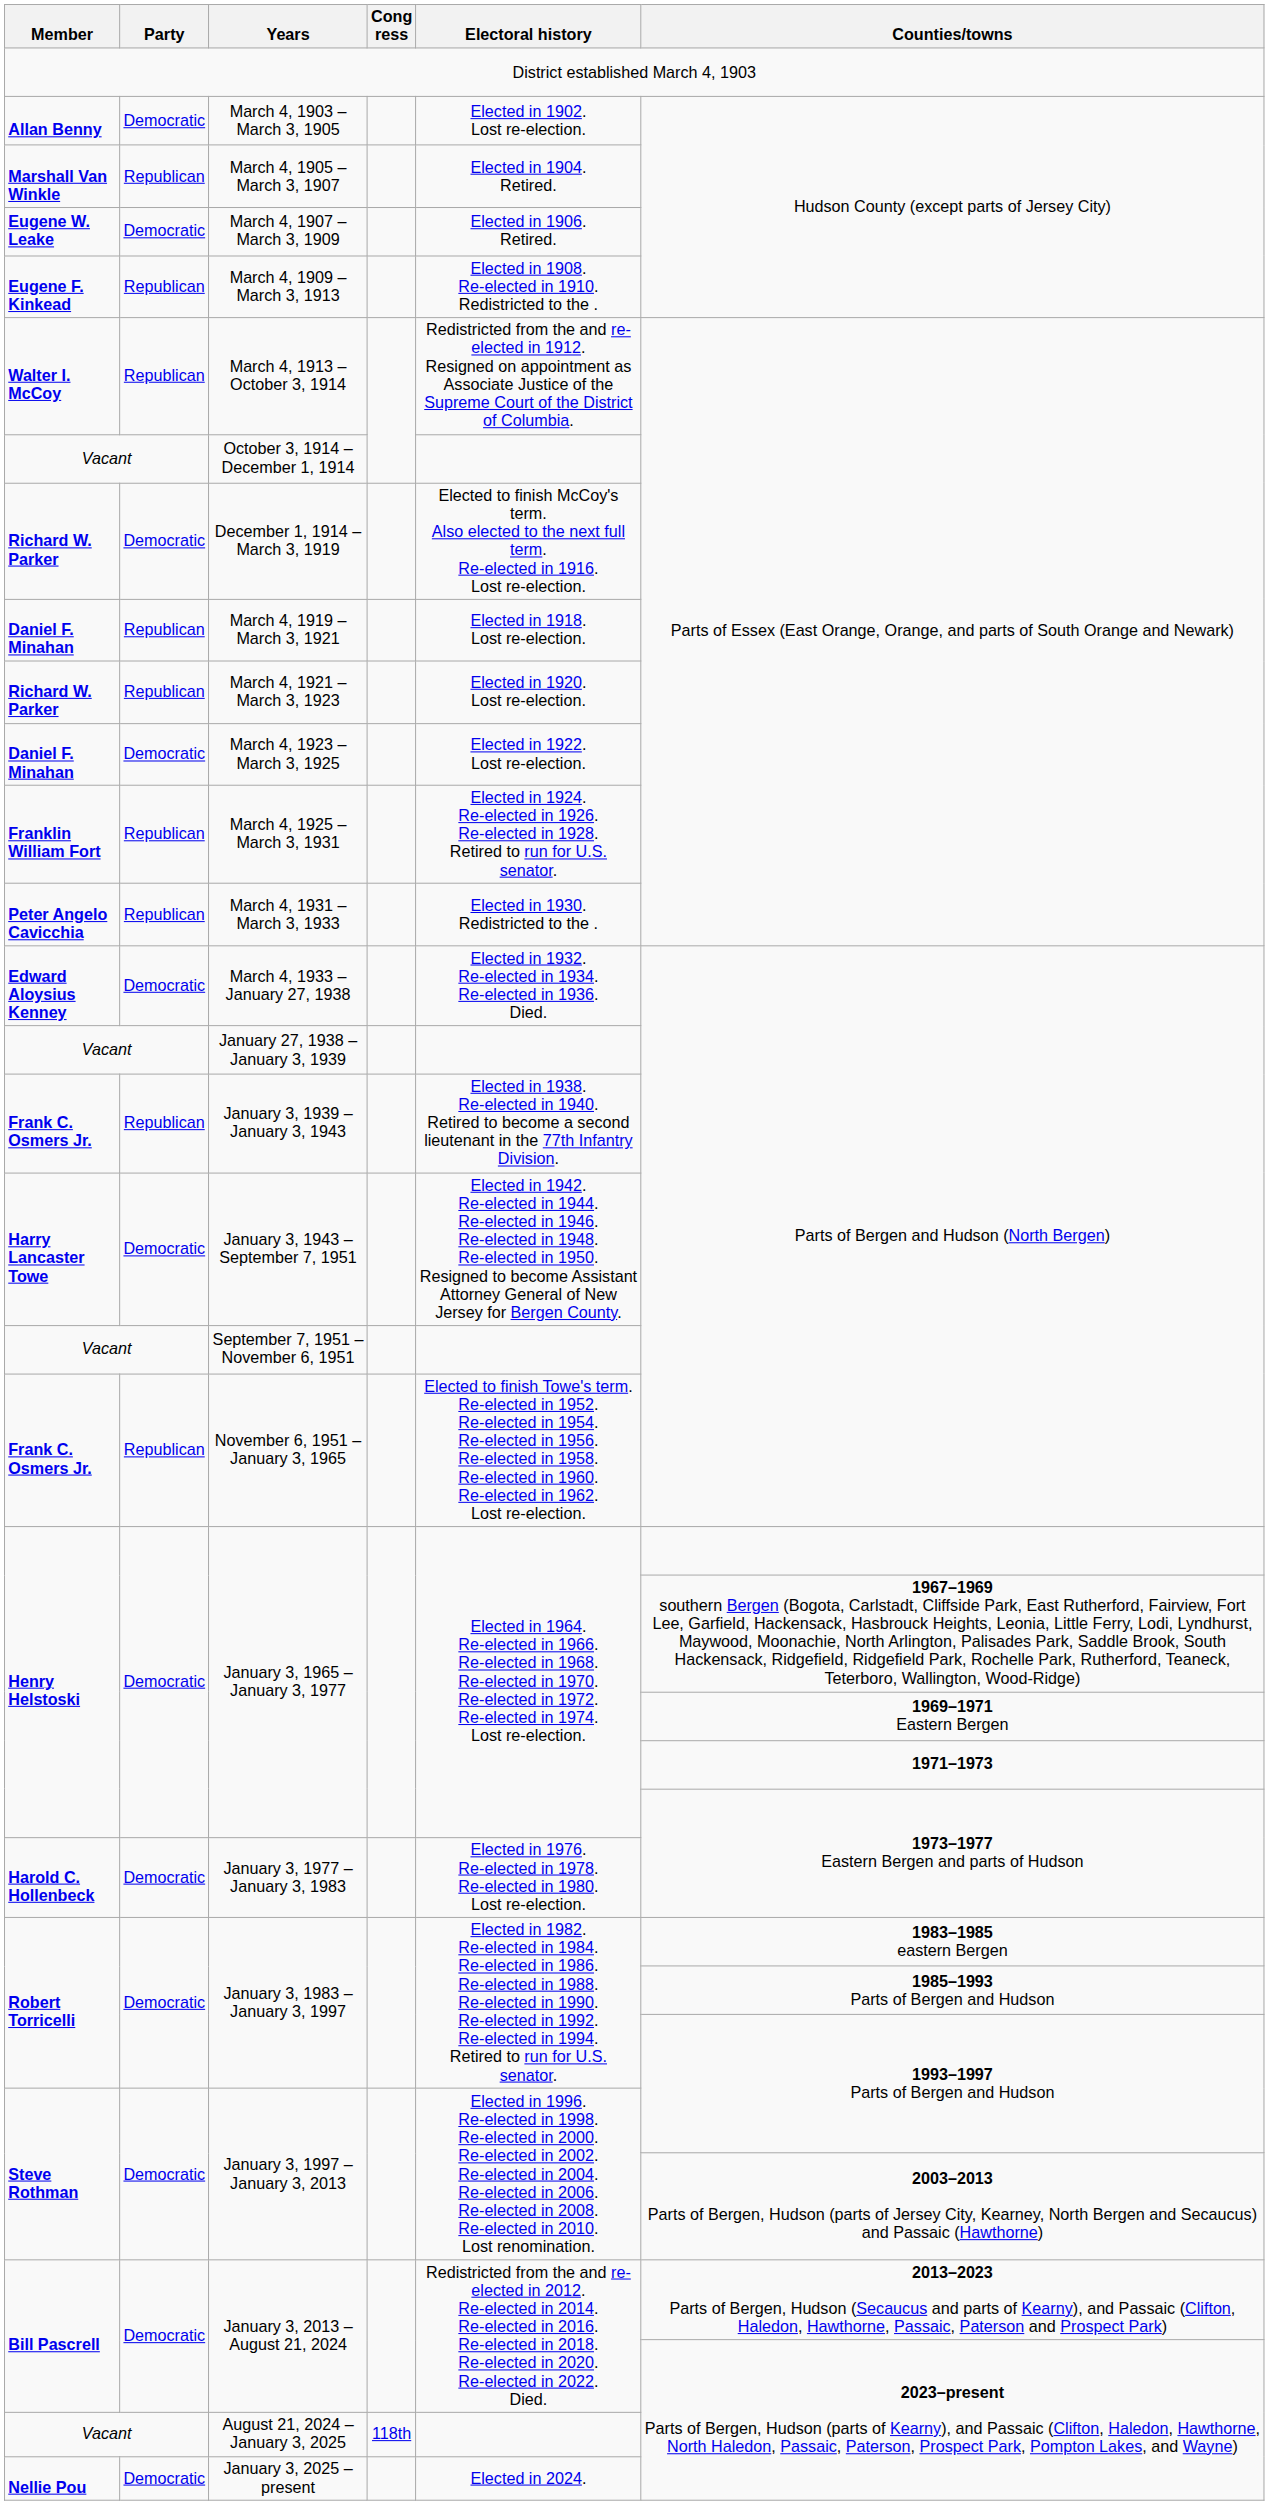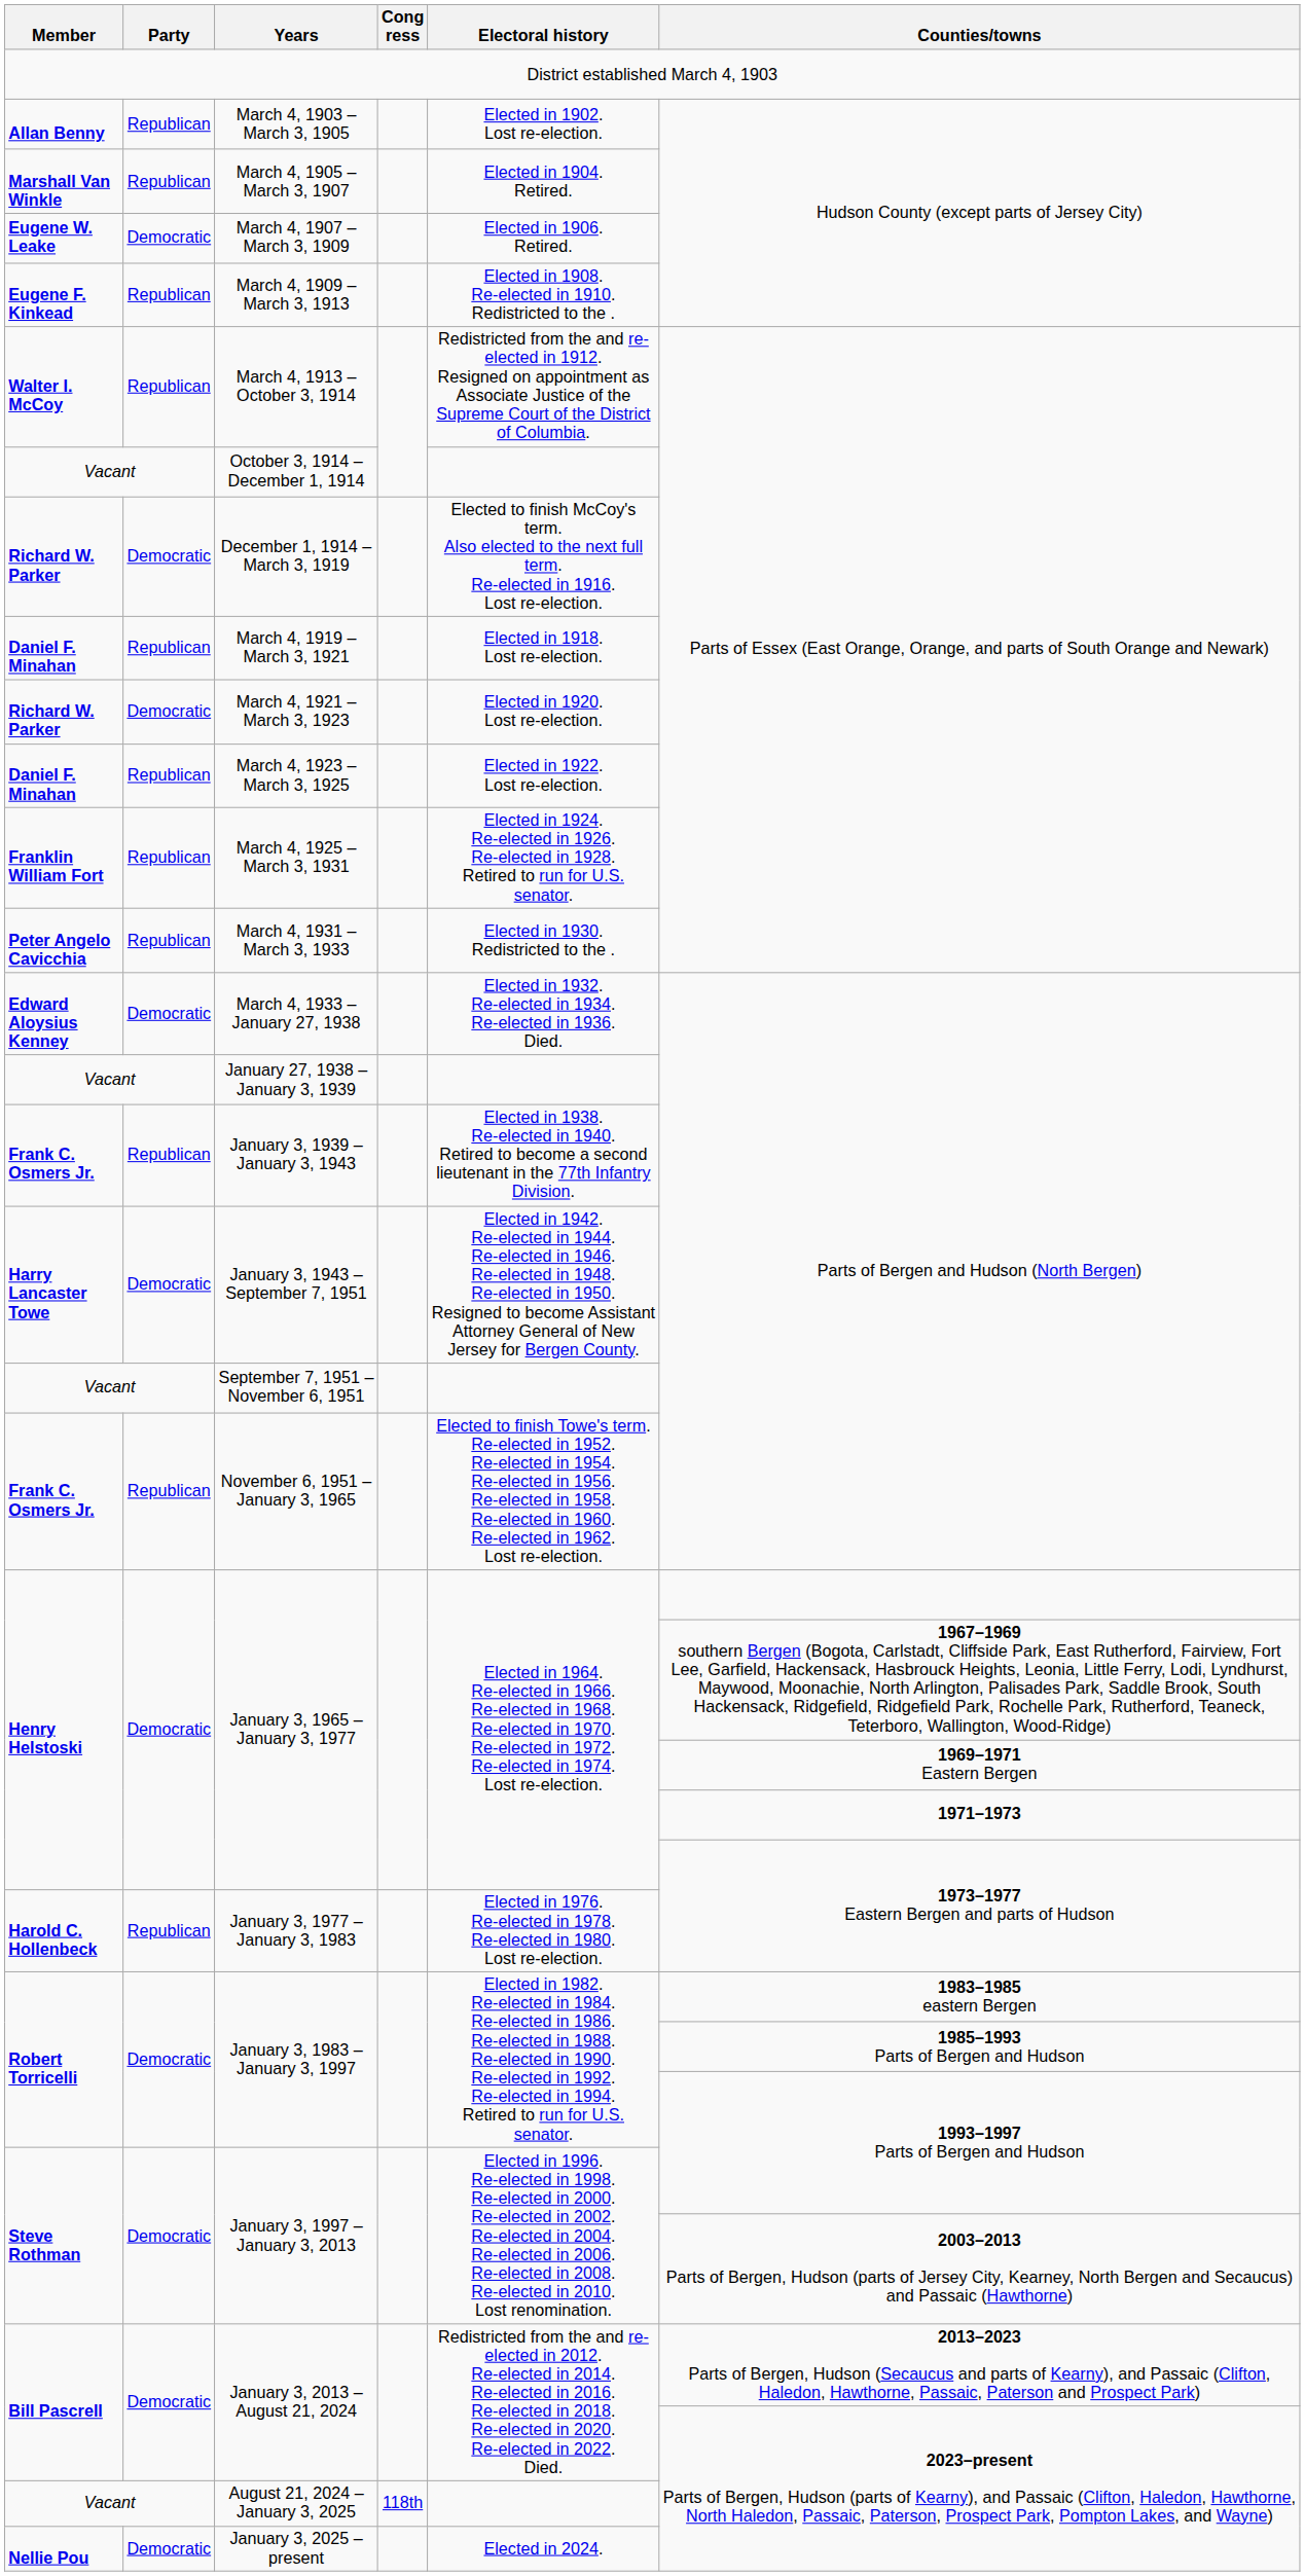 <table class=wikitable style="text-align:center">
 <tr style="vertical-align:bottom">
 <th>Member<br></th>
 <th>Party</th>
 <th>Years</th>
 <th>Cong<br>ress</th>
 <th>Electoral history</th>
 <th>Counties/towns</th>
 </tr>
 <tr style="height:3em">
 <td colspan=6>District established March 4, 1903</td>
 </tr>
 <tr style="height:3em">
 <td style="text-align:left"><br><strong><a href='#'>Allan Benny</a></strong><br></td>
-<td><a href='#'>Democratic</a></td>
+<td><a href='#'>Republican</a></td>
 <td nowrap>March 4, 1903 –<br>March 3, 1905</td>
 <td></td>
 <td><a href='#'>Elected in 1902</a>.<br>Lost re-election.</td>
 <td rowspan=4>Hudson County (except parts of Jersey City)</td>
 </tr>
 <tr style="height:3em">
 <td style="text-align:left"><br><strong><a href='#'>Marshall Van Winkle</a></strong><br></td>
 <td><a href='#'>Republican</a></td>
 <td nowrap>March 4, 1905 –<br>March 3, 1907</td>
 <td></td>
 <td><a href='#'>Elected in 1904</a>.<br>Retired.</td>
 </tr>
 <tr style="height:3em">
 <td style="text-align:left"><strong><a href='#'>Eugene W. Leake</a></strong><br></td>
 <td><a href='#'>Democratic</a></td>
 <td nowrap>March 4, 1907 –<br>March 3, 1909</td>
 <td></td>
 <td><a href='#'>Elected in 1906</a>.<br>Retired.</td>
 </tr>
 <tr style="height:3em">
 <td style="text-align:left"><br><strong><a href='#'>Eugene F. Kinkead</a></strong><br></td>
 <td><a href='#'>Republican</a></td>
 <td nowrap>March 4, 1909 –<br>March 3, 1913</td>
 <td></td>
 <td><a href='#'>Elected in 1908</a>.<br><a href='#'>Re-elected in 1910</a>.<br>Redistricted to the .</td>
 </tr>
 <tr style="height:3em">
 <td style="text-align:left"><br><strong><a href='#'>Walter I. McCoy</a></strong><br></td>
 <td><a href='#'>Republican</a></td>
 <td nowrap>March 4, 1913 –<br>October 3, 1914</td>
 <td rowspan=2></td>
 <td>Redistricted from the  and <a href='#'>re-elected in 1912</a>.<br>Resigned on appointment as Associate Justice of the <a href='#'>Supreme Court of the District of Columbia</a>.</td>
 <td rowspan=8>Parts of Essex (East Orange, Orange, and parts of South Orange and Newark)</td>
 </tr>
 <tr style="height:3em">
 <td colspan=2><em>Vacant</em></td>
 <td nowrap>October 3, 1914 –<br>December 1, 1914</td>
 </tr>
 <tr style="height:3em">
 <td style="text-align:left"><br><strong><a href='#'>Richard W. Parker</a></strong><br></td>
 <td><a href='#'>Democratic</a></td>
 <td nowrap>December 1, 1914 –<br>March 3, 1919</td>
 <td></td>
 <td>Elected to finish McCoy's term.<br><a href='#'>Also elected to the next full term</a>.<br><a href='#'>Re-elected in 1916</a>.<br>Lost re-election.</td>
 </tr>
 <tr style="height:3em">
 <td style="text-align:left"><br><strong><a href='#'>Daniel F. Minahan</a></strong><br></td>
 <td><a href='#'>Republican</a></td>
 <td nowrap>March 4, 1919 –<br>March 3, 1921</td>
 <td></td>
 <td><a href='#'>Elected in 1918</a>.<br>Lost re-election.</td>
 </tr>
 <tr style="height:3em">
 <td style="text-align:left"><br><strong><a href='#'>Richard W. Parker</a></strong><br></td>
-<td><a href='#'>Republican</a></td>
+<td><a href='#'>Democratic</a></td>
 <td nowrap>March 4, 1921 –<br>March 3, 1923</td>
 <td></td>
 <td><a href='#'>Elected in 1920</a>.<br>Lost re-election.</td>
 </tr>
 <tr style="height:3em">
 <td style="text-align:left"><br><strong><a href='#'>Daniel F. Minahan</a></strong><br></td>
-<td><a href='#'>Democratic</a></td>
+<td><a href='#'>Republican</a></td>
 <td nowrap>March 4, 1923 –<br>March 3, 1925</td>
 <td></td>
 <td><a href='#'>Elected in 1922</a>.<br>Lost re-election.</td>
 </tr>
 <tr style="height:3em">
 <td style="text-align:left"><br><strong><a href='#'>Franklin William Fort</a></strong><br></td>
 <td><a href='#'>Republican</a></td>
 <td nowrap>March 4, 1925 –<br>March 3, 1931</td>
 <td></td>
 <td><a href='#'>Elected in 1924</a>.<br><a href='#'>Re-elected in 1926</a>.<br><a href='#'>Re-elected in 1928</a>.<br>Retired to <a href='#'>run for U.S. senator</a>.</td>
 </tr>
 <tr style="height:3em">
 <td style="text-align:left"><br><strong><a href='#'>Peter Angelo Cavicchia</a></strong><br></td>
 <td><a href='#'>Republican</a></td>
 <td nowrap>March 4, 1931 –<br>March 3, 1933</td>
 <td></td>
 <td><a href='#'>Elected in 1930</a>.<br>Redistricted to the .</td>
 </tr>
 <tr style="height:3em">
 <td style="text-align:left"><br><strong><a href='#'>Edward Aloysius Kenney</a></strong><br></td>
 <td><a href='#'>Democratic</a></td>
 <td nowrap>March 4, 1933 –<br>January 27, 1938</td>
 <td></td>
 <td><a href='#'>Elected in 1932</a>.<br><a href='#'>Re-elected in 1934</a>.<br><a href='#'>Re-elected in 1936</a>.<br>Died.</td>
 <td rowspan=6>Parts of Bergen and Hudson (<a href='#'>North Bergen</a>)</td>
 </tr>
 <tr style="height:3em">
 <td colspan=2><em>Vacant</em></td>
 <td nowrap>January 27, 1938 –<br>January 3, 1939</td>
 <td></td>
 </tr>
 <tr style="height:3em">
 <td style="text-align:left"><br><strong><a href='#'>Frank C. Osmers Jr.</a></strong><br></td>
 <td><a href='#'>Republican</a></td>
 <td nowrap>January 3, 1939 –<br>January 3, 1943</td>
 <td></td>
 <td><a href='#'>Elected in 1938</a>.<br><a href='#'>Re-elected in 1940</a>.<br>Retired to become a second lieutenant in the <a href='#'>77th Infantry Division</a>.</td>
 </tr>
 <tr style="height:3em">
 <td style="text-align:left"><br><strong><a href='#'>Harry Lancaster Towe</a></strong><br></td>
 <td><a href='#'>Democratic</a></td>
 <td nowrap>January 3, 1943 –<br>September 7, 1951</td>
 <td></td>
 <td><a href='#'>Elected in 1942</a>.<br><a href='#'>Re-elected in 1944</a>.<br><a href='#'>Re-elected in 1946</a>.<br><a href='#'>Re-elected in 1948</a>.<br><a href='#'>Re-elected in 1950</a>.<br>Resigned to become Assistant Attorney General of New Jersey for <a href='#'>Bergen County</a>.</td>
 </tr>
 <tr style="height:3em">
 <td colspan=2><em>Vacant</em></td>
 <td nowrap>September 7, 1951 –<br>November 6, 1951</td>
 <td></td>
 </tr>
 <tr style="height:3em">
 <td style="text-align:left"><br><strong><a href='#'>Frank C. Osmers Jr.</a></strong><br></td>
 <td><a href='#'>Republican</a></td>
 <td nowrap>November 6, 1951 –<br>January 3, 1965</td>
 <td></td>
 <td><a href='#'>Elected to finish Towe's term</a>.<br><a href='#'>Re-elected in 1952</a>.<br><a href='#'>Re-elected in 1954</a>.<br><a href='#'>Re-elected in 1956</a>.<br><a href='#'>Re-elected in 1958</a>.<br><a href='#'>Re-elected in 1960</a>.<br><a href='#'>Re-elected in 1962</a>.<br>Lost re-election.</td>
 </tr>
 <tr style="height:3em">
 <td rowspan=5 style="text-align:left"><br><strong><a href='#'>Henry Helstoski</a></strong><br></td>
 <td rowspan=5 ><a href='#'>Democratic</a></td>
 <td rowspan=5 nowrap>January 3, 1965 –<br>January 3, 1977</td>
 <td rowspan=5></td>
 <td rowspan=5><a href='#'>Elected in 1964</a>.<br><a href='#'>Re-elected in 1966</a>.<br><a href='#'>Re-elected in 1968</a>.<br><a href='#'>Re-elected in 1970</a>.<br><a href='#'>Re-elected in 1972</a>.<br><a href='#'>Re-elected in 1974</a>.<br>Lost re-election.</td>
 <td></td>
 </tr>
 <tr style="height:3em">
 <td><strong>1967–1969</strong><br>southern <a href='#'>Bergen</a> (Bogota, Carlstadt, Cliffside Park, East Rutherford, Fairview, Fort Lee, Garfield, Hackensack, Hasbrouck Heights, Leonia, Little Ferry, Lodi, Lyndhurst, Maywood, Moonachie, North Arlington, Palisades Park, Saddle Brook, South Hackensack, Ridgefield, Ridgefield Park, Rochelle Park, Rutherford, Teaneck, Teterboro, Wallington, Wood-Ridge)</td>
 </tr>
 <tr style="height:3em">
 <td><strong>1969–1971</strong><br>Eastern Bergen</td>
 </tr>
 <tr style="height:3em">
 <td><strong>1971–1973</strong><br></td>
 </tr>
 <tr style="height:3em">
 <td rowspan=2><strong>1973–1977</strong><br>Eastern Bergen and parts of Hudson</td>
 </tr>
 <tr style="height:3em">
 <td style="text-align:left"><br><strong><a href='#'>Harold C. Hollenbeck</a></strong><br></td>
-<td><a href='#'>Democratic</a></td>
+<td><a href='#'>Republican</a></td>
 <td nowrap>January 3, 1977 –<br>January 3, 1983</td>
 <td></td>
 <td><a href='#'>Elected in 1976</a>.<br><a href='#'>Re-elected in 1978</a>.<br><a href='#'>Re-elected in 1980</a>.<br>Lost re-election.</td>
 </tr>
 <tr style="height:3em">
 <td rowspan=3 style="text-align:left"><br><strong><a href='#'>Robert Torricelli</a></strong><br></td>
 <td rowspan=3 ><a href='#'>Democratic</a></td>
 <td rowspan=3 nowrap>January 3, 1983 –<br>January 3, 1997</td>
 <td rowspan=3></td>
 <td rowspan=3><a href='#'>Elected in 1982</a>.<br><a href='#'>Re-elected in 1984</a>.<br><a href='#'>Re-elected in 1986</a>.<br><a href='#'>Re-elected in 1988</a>.<br><a href='#'>Re-elected in 1990</a>.<br><a href='#'>Re-elected in 1992</a>.<br><a href='#'>Re-elected in 1994</a>.<br>Retired to <a href='#'>run for U.S. senator</a>.</td>
 <td><strong>1983–1985</strong><br>eastern Bergen</td>
 </tr>
 <tr style="height:3em">
 <td><strong>1985–1993</strong><br>Parts of Bergen and Hudson</td>
 </tr>
 <tr style="height:3em">
 <td rowspan=2><strong>1993–1997</strong><br>Parts of Bergen and Hudson</td>
 </tr>
 <tr style="height:3em">
 <td rowspan=2 style="text-align:left"><br><strong><a href='#'>Steve Rothman</a></strong><br></td>
 <td rowspan=2 ><a href='#'>Democratic</a></td>
 <td rowspan=2 nowrap>January 3, 1997 –<br>January 3, 2013</td>
 <td rowspan=2></td>
 <td rowspan=2><a href='#'>Elected in 1996</a>.<br><a href='#'>Re-elected in 1998</a>.<br><a href='#'>Re-elected in 2000</a>.<br><a href='#'>Re-elected in 2002</a>.<br><a href='#'>Re-elected in 2004</a>.<br><a href='#'>Re-elected in 2006</a>.<br><a href='#'>Re-elected in 2008</a>.<br><a href='#'>Re-elected in 2010</a>.<br>Lost renomination.</td>
 </tr>
 <tr style="height:3em">
 <td><strong>2003–2013</strong><br><br>Parts of Bergen, Hudson (parts of Jersey City, Kearney, North Bergen and Secaucus) and Passaic (<a href='#'>Hawthorne</a>)</td>
 </tr>
 <tr style="height:3em">
 <td rowspan=2 style="text-align:left"><br><strong><a href='#'>Bill Pascrell</a></strong><br></td>
 <td rowspan=2 ><a href='#'>Democratic</a></td>
 <td rowspan=2 nowrap>January 3, 2013 –<br>August 21, 2024</td>
 <td rowspan=2></td>
 <td rowspan=2>Redistricted from the  and <a href='#'>re-elected in 2012</a>.<br><a href='#'>Re-elected in 2014</a>.<br><a href='#'>Re-elected in 2016</a>.<br><a href='#'>Re-elected in 2018</a>.<br><a href='#'>Re-elected in 2020</a>.<br><a href='#'>Re-elected in 2022</a>.<br>Died.</td>
 <td><strong>2013–2023</strong><br><br>Parts of Bergen, Hudson (<a href='#'>Secaucus</a> and parts of <a href='#'>Kearny</a>), and Passaic (<a href='#'>Clifton</a>, <a href='#'>Haledon</a>, <a href='#'>Hawthorne</a>, <a href='#'>Passaic</a>, <a href='#'>Paterson</a> and <a href='#'>Prospect Park</a>)</td>
 </tr>
 <tr style="height:3em">
 <td rowspan="3"><strong>2023–present</strong><br><br>Parts of Bergen, Hudson (parts of <a href='#'>Kearny</a>), and Passaic (<a href='#'>Clifton</a>, <a href='#'>Haledon</a>, <a href='#'>Hawthorne</a>, <a href='#'>North Haledon</a>, <a href='#'>Passaic</a>, <a href='#'>Paterson</a>, <a href='#'>Prospect Park</a>, <a href='#'>Pompton Lakes</a>, and <a href='#'>Wayne</a>)</td>
 </tr>
 <tr>
 <td colspan="2"><em>Vacant</em></td>
 <td>August 21, 2024 – <br> January 3, 2025</td>
 <td><a href='#'>118th</a></td>
 <td></td>
 </tr>
 <tr>
 <td style="text-align:left"><br><strong><a href='#'>Nellie Pou</a></strong> <br></td>
 <td><a href='#'>Democratic</a></td>
 <td>January 3, 2025 – <br> present</td>
 <td></td>
 <td><a href='#'>Elected in 2024</a>.</td>
 </tr>
 </table>
